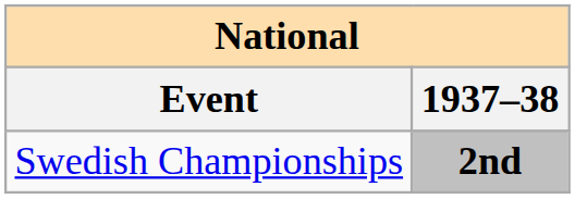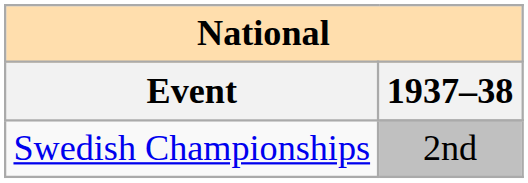 <table class="wikitable" style="text-align:center">
 <tr>
 <th style="background-color: #ffdead; " colspan=2 align=center><strong>National</strong></th>
 </tr>
 <tr>
 <th>Event</th>
 <th>1937–38</th>
 </tr>
 <tr>
 <td align=left><a href='#'>Swedish Championships</a></td>
-<td bgcolor=silver><strong>2nd</strong></td>
+<td bgcolor=silver>2nd</td>
 </tr>
 </table>
